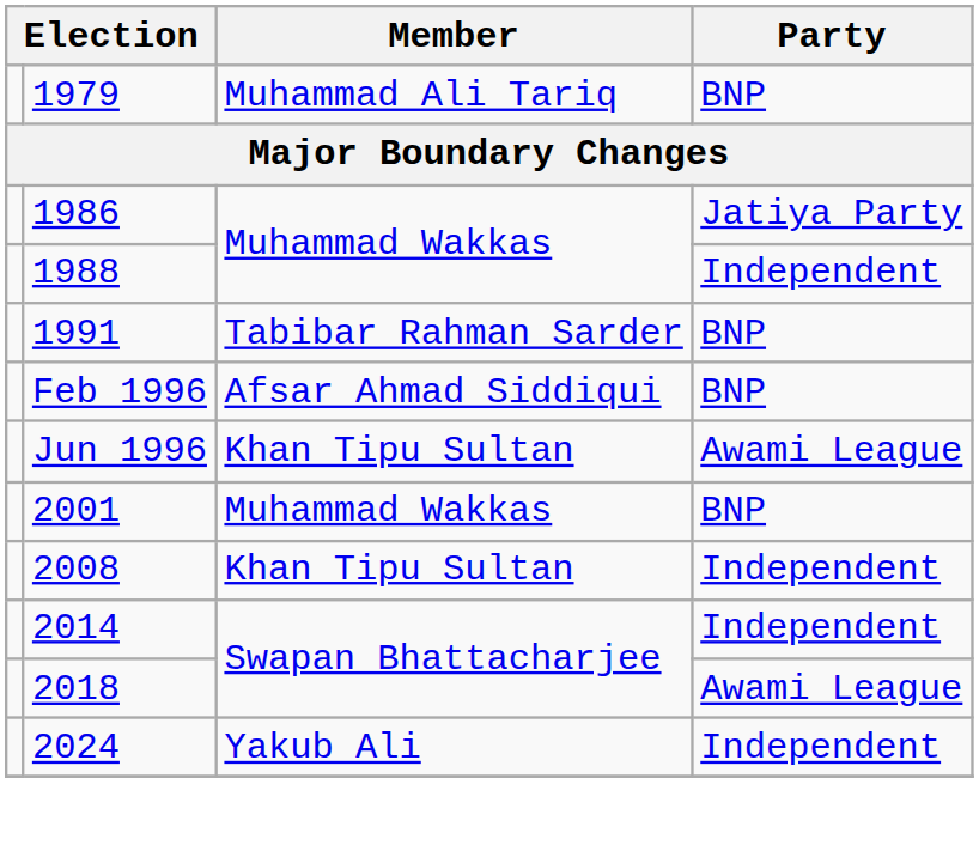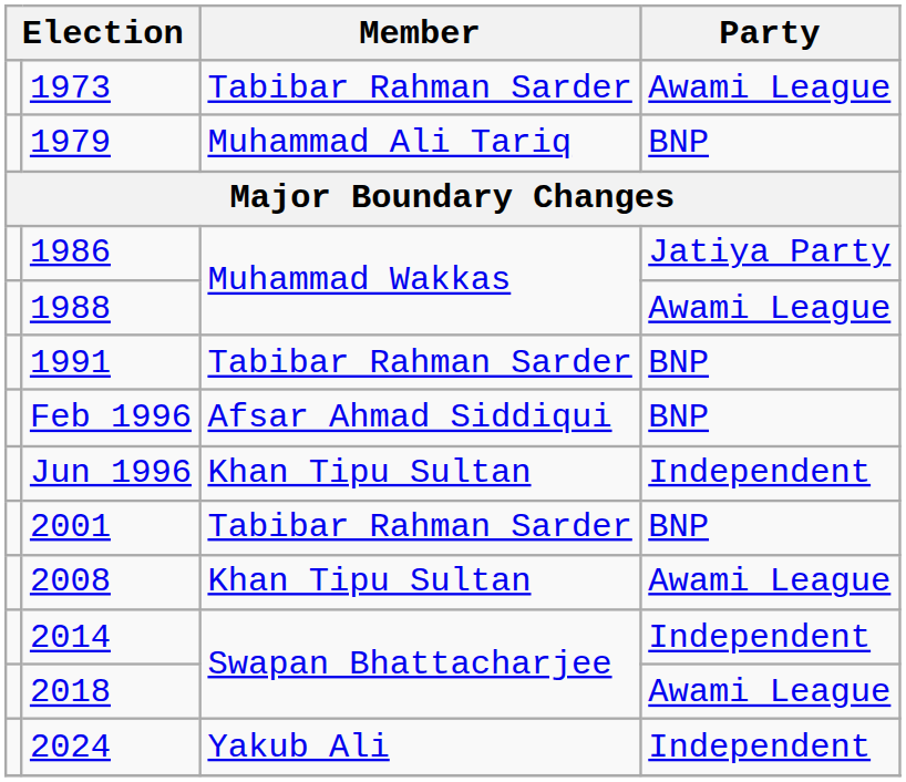 <table class="wikitable">
 <tr>
 <th colspan="2">Election</th>
 <th>Member</th>
 <th>Party</th>
+</tr>
+<tr>
+<td style="background-color:"></td>
+<td><a href='#'>1973</a></td>
+<td><a href='#'>Tabibar Rahman Sarder</a></td>
+<td><a href='#'>Awami League</a></td>
 </tr>
 <tr>
 <td style="background-color:"></td>
 <td><a href='#'>1979</a></td>
 <td><a href='#'>Muhammad Ali Tariq</a></td>
 <td><a href='#'>BNP</a></td>
 </tr>
 <tr>
 <th colspan="4">Major Boundary Changes</th>
 </tr>
 <tr>
 <td style="background-color:"></td>
 <td><a href='#'>1986</a></td>
 <td rowspan="2"><a href='#'>Muhammad Wakkas</a></td>
 <td><a href='#'>Jatiya Party</a></td>
 </tr>
 <tr>
 <td style="background-color:"></td>
 <td><a href='#'>1988</a></td>
-<td><a href='#'>Independent</a></td>
+<td><a href='#'>Awami League</a></td>
 </tr>
 <tr>
 <td style="background-color:"></td>
 <td><a href='#'>1991</a></td>
 <td><a href='#'>Tabibar Rahman Sarder</a></td>
 <td><a href='#'>BNP</a></td>
 </tr>
 <tr>
 <td style="background-color:"></td>
 <td><a href='#'>Feb 1996</a></td>
 <td><a href='#'>Afsar Ahmad Siddiqui</a></td>
 <td><a href='#'>BNP</a></td>
 </tr>
 <tr>
 <td style="background-color:"></td>
 <td><a href='#'>Jun 1996</a></td>
 <td><a href='#'>Khan Tipu Sultan</a></td>
-<td><a href='#'>Awami League</a></td>
+<td><a href='#'>Independent</a></td>
 </tr>
 <tr>
 <td style="background-color:"></td>
 <td><a href='#'>2001</a></td>
-<td><a href='#'>Muhammad Wakkas</a></td>
+<td><a href='#'>Tabibar Rahman Sarder</a></td>
 <td><a href='#'>BNP</a></td>
 </tr>
 <tr>
 <td style="background-color:"></td>
 <td><a href='#'>2008</a></td>
 <td><a href='#'>Khan Tipu Sultan</a></td>
-<td><a href='#'>Independent</a></td>
+<td><a href='#'>Awami League</a></td>
 </tr>
 <tr>
 <td style="background-color:"></td>
 <td><a href='#'>2014</a></td>
 <td rowspan="2"><a href='#'>Swapan Bhattacharjee</a></td>
 <td><a href='#'>Independent</a></td>
 </tr>
 <tr>
 <td style="background-color:"></td>
 <td><a href='#'>2018</a></td>
 <td><a href='#'>Awami League</a></td>
 </tr>
 <tr>
 <td style="background-color:"></td>
 <td><a href='#'>2024</a></td>
 <td><a href='#'>Yakub Ali</a></td>
 <td><a href='#'>Independent</a></td>
 </tr>
 <tr>
 </tr>
 </table>
